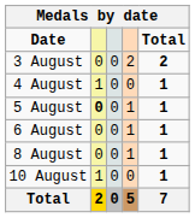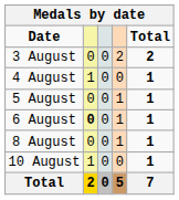 <table class="wikitable" style="font-size:85%">
 <tr bgcolor="#efefef">
 <th colspan=6>Medals by date</th>
 </tr>
 <tr align=center>
 <td><strong>Date</strong></td>
 <td bgcolor=#f7f6a8></td>
 <td bgcolor=#dce5e5></td>
 <td bgcolor=#ffdab9></td>
 <td><strong>Total</strong></td>
 </tr>
 <tr align=center>
 <td>3 August</td>
 <td style="background:#F7F6A8;">0</td>
 <td style="background:#DCE5E5;">0</td>
 <td style="background:#FFDAB9;">2</td>
 <td><strong>2</strong></td>
 </tr>
 <tr align=center>
 <td>4 August</td>
 <td style="background:#F7F6A8;">1</td>
 <td style="background:#DCE5E5;">0</td>
 <td style="background:#FFDAB9;">0</td>
 <td><strong>1</strong></td>
 </tr>
 <tr align=center>
 <td>5 August</td>
-<td style="background:#F7F6A8;"><strong>0</strong></td>
+<td style="background:#F7F6A8;">0</td>
 <td style="background:#DCE5E5;">0</td>
 <td style="background:#FFDAB9;">1</td>
 <td><strong>1</strong></td>
 </tr>
 <tr align=center>
 <td>6 August</td>
-<td style="background:#F7F6A8;">0</td>
+<td style="background:#F7F6A8;"><strong>0</strong></td>
 <td style="background:#DCE5E5;">0</td>
 <td style="background:#FFDAB9;">1</td>
 <td><strong>1</strong></td>
 </tr>
 <tr align=center>
 <td>8 August</td>
 <td style="background:#F7F6A8;">0</td>
 <td style="background:#DCE5E5;">0</td>
 <td style="background:#FFDAB9;">1</td>
 <td><strong>1</strong></td>
 </tr>
 <tr align=center>
 <td>10 August</td>
 <td style="background:#F7F6A8;">1</td>
 <td style="background:#DCE5E5;">0</td>
 <td style="background:#FFDAB9;">0</td>
 <td><strong>1</strong></td>
 </tr>
 <tr align=center>
 <th><strong>Total</strong></th>
 <th style="background:gold;"><strong>2</strong></th>
 <th style="background:silver;"><strong>0</strong></th>
 <th style="background:#c96;"><strong>5</strong></th>
 <th>7</th>
 </tr>
 </table>
